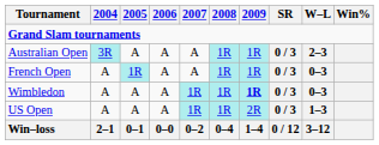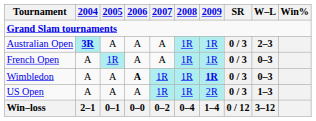 <table class=wikitable style=text-align:center>
 <tr>
 <th>Tournament</th>
 <th><a href='#'>2004</a></th>
 <th><a href='#'>2005</a></th>
 <th><a href='#'>2006</a></th>
 <th><a href='#'>2007</a></th>
 <th><a href='#'>2008</a></th>
 <th><a href='#'>2009</a></th>
 <th>SR</th>
 <th>W–L</th>
 <th>Win%</th>
 </tr>
 <tr>
 <td colspan=25 style=text-align:left><a href='#'><strong>Grand Slam tournaments</strong></a></td>
 </tr>
 <tr>
 <td align=left><a href='#'>Australian Open</a></td>
-<td bgcolor=afeeee><a href='#'>3R</a></td>
+<td bgcolor=afeeee><strong><a href='#'>3R</a></strong></td>
 <td>A</td>
 <td>A</td>
 <td>A</td>
 <td bgcolor=afeeee><a href='#'>1R</a></td>
 <td bgcolor=afeeee><a href='#'>1R</a></td>
 <th>0 / 3</th>
 <th>2–3</th>
 <th></th>
 </tr>
 <tr>
 <td align=left><a href='#'>French Open</a></td>
 <td>A</td>
 <td bgcolor=afeeee><a href='#'>1R</a></td>
 <td>A</td>
 <td>A</td>
 <td bgcolor=afeeee><a href='#'>1R</a></td>
 <td bgcolor=afeeee><a href='#'>1R</a></td>
 <th>0 / 3</th>
 <th>0–3</th>
 <th></th>
 </tr>
 <tr>
 <td align=left><a href='#'>Wimbledon</a></td>
 <td>A</td>
 <td>A</td>
-<td>A</td>
+<td><strong>A</strong></td>
 <td bgcolor=afeeee><a href='#'>1R</a></td>
 <td bgcolor=afeeee><a href='#'>1R</a></td>
 <td bgcolor=afeeee><strong><a href='#'>1R</a></strong></td>
 <th>0 / 3</th>
 <th>0–3</th>
 <th></th>
 </tr>
 <tr>
 <td align=left><a href='#'>US Open</a></td>
 <td>A</td>
 <td>A</td>
 <td>A</td>
 <td bgcolor=afeeee><a href='#'>1R</a></td>
 <td bgcolor=afeeee><a href='#'>1R</a></td>
 <td bgcolor=afeeee><a href='#'>2R</a></td>
 <th>0 / 3</th>
 <th>1–3</th>
 <th></th>
 </tr>
 <tr>
 <th style=text-align:left><strong>Win–loss</strong></th>
 <th>2–1</th>
 <th>0–1</th>
 <th>0–0</th>
 <th>0–2</th>
 <th>0–4</th>
 <th>1–4</th>
 <th>0 / 12</th>
 <th>3–12</th>
 <th></th>
 </tr>
 </table>
